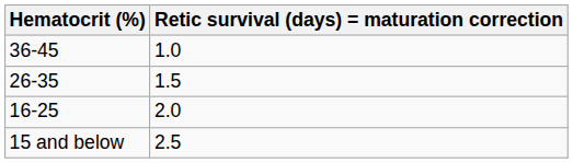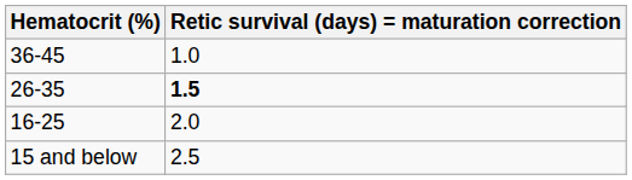 <table class="wikitable">
 <tr>
 <th>Hematocrit (%)</th>
 <th>Retic survival (days) = maturation correction</th>
 </tr>
 <tr>
 <td>36-45</td>
 <td>1.0</td>
 </tr>
 <tr>
 <td>26-35</td>
-<td>1.5</td>
+<td><strong>1.5</strong></td>
 </tr>
 <tr>
 <td>16-25</td>
 <td>2.0</td>
 </tr>
 <tr>
 <td>15 and below</td>
 <td>2.5</td>
 </tr>
 </table>
